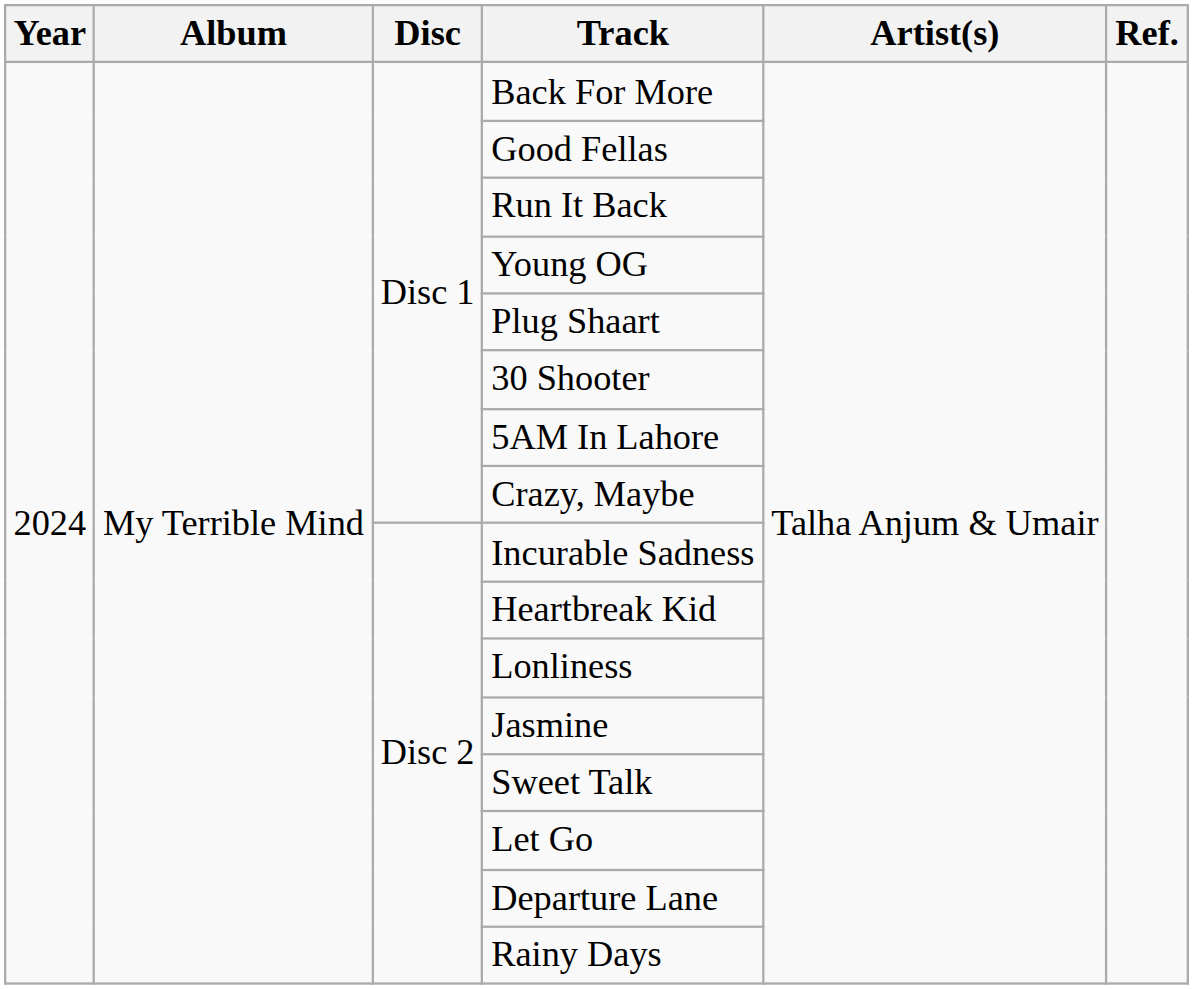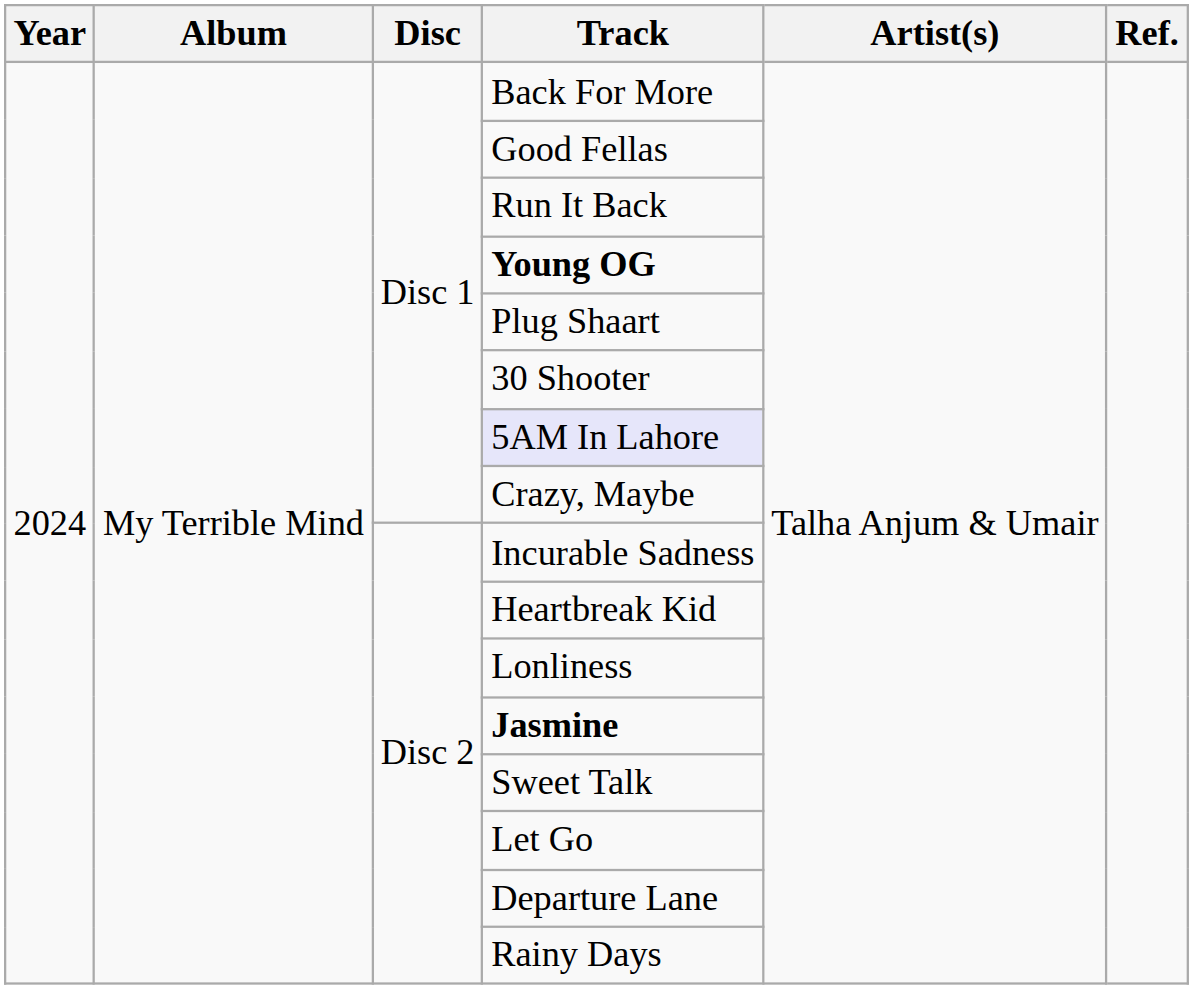 <table class="wikitable">
 <tr>
 <th>Year</th>
 <th>Album</th>
 <th>Disc</th>
 <th>Track</th>
 <th>Artist(s)</th>
 <th>Ref.</th>
 </tr>
 <tr>
 <td rowspan="16">2024</td>
 <td rowspan="16">My Terrible Mind</td>
 <td rowspan="8">Disc 1</td>
 <td>Back For More</td>
 <td rowspan="16">Talha Anjum & Umair</td>
 <td rowspan="16"></td>
 </tr>
 <tr>
 <td>Good Fellas</td>
 </tr>
 <tr>
 <td>Run It Back</td>
 </tr>
 <tr>
-<td>Young OG</td>
+<td><strong>Young OG</strong></td>
 </tr>
 <tr>
 <td>Plug Shaart</td>
 </tr>
 <tr>
 <td>30 Shooter</td>
 </tr>
 <tr>
-<td>5AM In Lahore</td>
+<td style="background: lavender;">5AM In Lahore</td>
 </tr>
 <tr>
 <td>Crazy, Maybe</td>
 </tr>
 <tr>
 <td rowspan="8">Disc 2</td>
 <td>Incurable Sadness</td>
 </tr>
 <tr>
 <td>Heartbreak Kid</td>
 </tr>
 <tr>
 <td>Lonliness</td>
 </tr>
 <tr>
-<td>Jasmine</td>
+<td><strong>Jasmine</strong></td>
 </tr>
 <tr>
 <td>Sweet Talk</td>
 </tr>
 <tr>
 <td>Let Go</td>
 </tr>
 <tr>
 <td>Departure Lane</td>
 </tr>
 <tr>
 <td>Rainy Days</td>
 </tr>
 </table>
